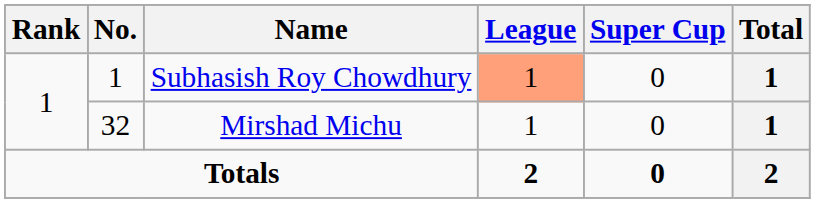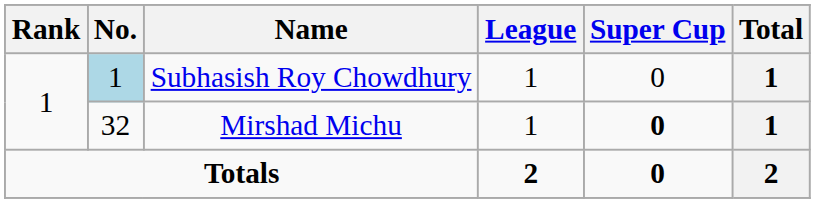 <table class="wikitable sortable" style="font-size: 95%; text-align: center;">
 <tr>
 <th>Rank</th>
 <th>No.</th>
 <th>Name</th>
 <th><a href='#'>League</a></th>
 <th><a href='#'>Super Cup</a></th>
 <th>Total</th>
 </tr>
 <tr>
 <td rowspan="2">1</td>
+<td style="background: lightblue;">1</td>
+<td> <a href='#'>Subhasish Roy Chowdhury</a></td>
 <td>1</td>
-<td> <a href='#'>Subhasish Roy Chowdhury</a></td>
-<td style="background: lightsalmon;">1</td>
 <td>0</td>
 <th>1</th>
 </tr>
 <tr>
 <td>32</td>
 <td> <a href='#'>Mirshad Michu</a></td>
 <td>1</td>
-<td>0</td>
+<td><strong>0</strong></td>
 <th>1</th>
 </tr>
 <tr>
 <td colspan="3"><strong>Totals</strong></td>
 <td><strong>2</strong></td>
 <td><strong>0</strong></td>
 <th>2</th>
 </tr>
 </table>
